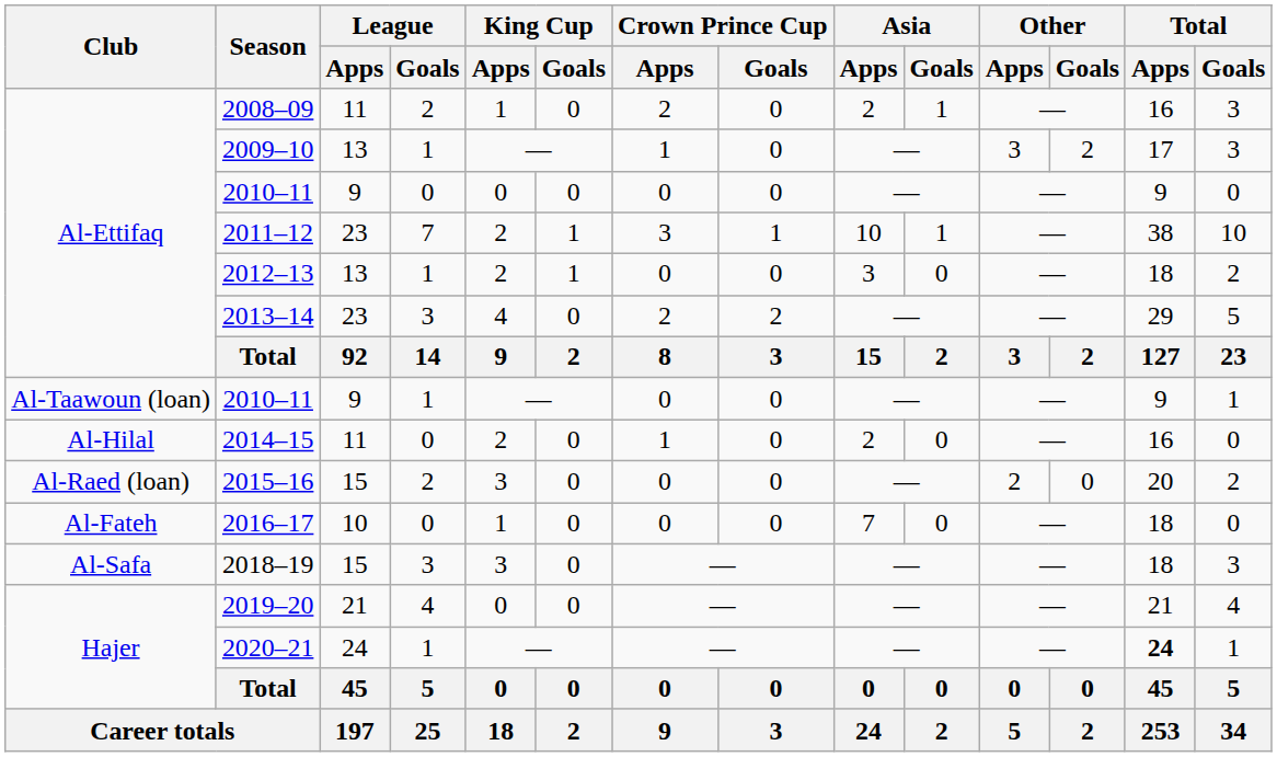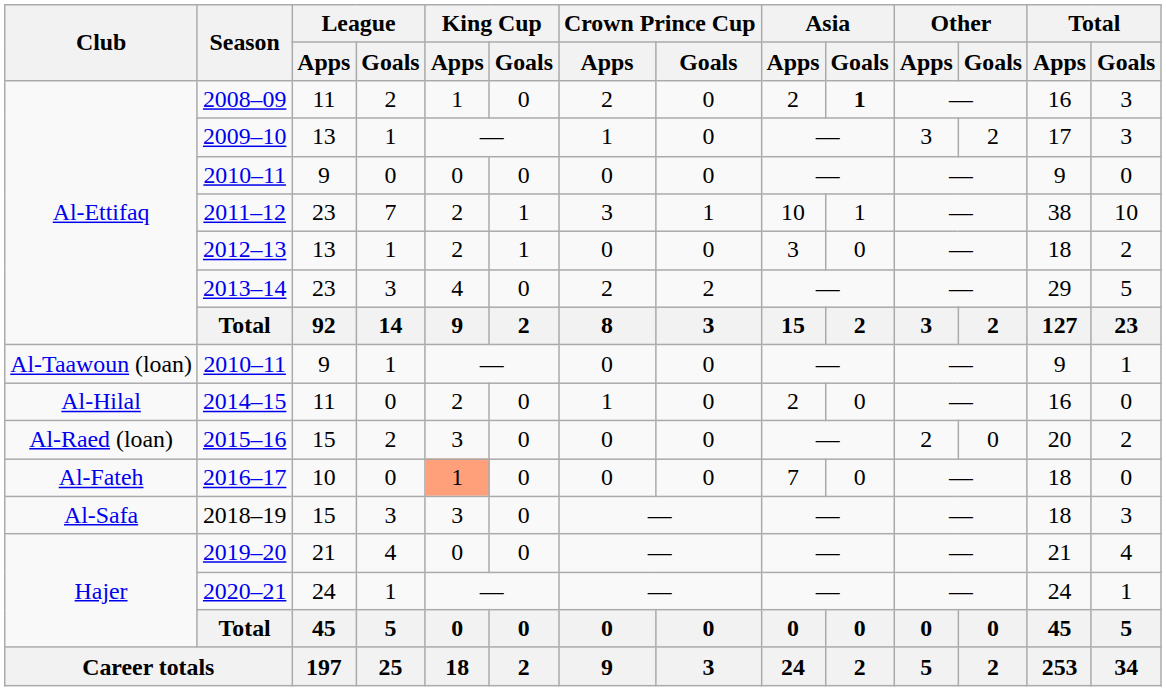 <table class="wikitable" style="text-align: center">
 <tr>
 <th rowspan=2>Club</th>
 <th rowspan=2>Season</th>
 <th colspan=2>League</th>
 <th colspan=2>King Cup</th>
 <th colspan=2>Crown Prince Cup</th>
 <th colspan=2>Asia</th>
 <th colspan=2>Other</th>
 <th colspan=2>Total</th>
 </tr>
 <tr>
 <th>Apps</th>
 <th>Goals</th>
 <th>Apps</th>
 <th>Goals</th>
 <th>Apps</th>
 <th>Goals</th>
 <th>Apps</th>
 <th>Goals</th>
 <th>Apps</th>
 <th>Goals</th>
 <th>Apps</th>
 <th>Goals</th>
 </tr>
 <tr>
 <td rowspan=7><a href='#'>Al-Ettifaq</a></td>
 <td><a href='#'>2008–09</a></td>
 <td>11</td>
 <td>2</td>
 <td>1</td>
 <td>0</td>
 <td>2</td>
 <td>0</td>
 <td>2</td>
-<td>1</td>
+<td><strong>1</strong></td>
 <td colspan=2>—</td>
 <td>16</td>
 <td>3</td>
 </tr>
 <tr>
 <td><a href='#'>2009–10</a></td>
 <td>13</td>
 <td>1</td>
 <td colspan=2>—</td>
 <td>1</td>
 <td>0</td>
 <td colspan=2>—</td>
 <td>3</td>
 <td>2</td>
 <td>17</td>
 <td>3</td>
 </tr>
 <tr>
 <td><a href='#'>2010–11</a></td>
 <td>9</td>
 <td>0</td>
 <td>0</td>
 <td>0</td>
 <td>0</td>
 <td>0</td>
 <td colspan=2>—</td>
 <td colspan=2>—</td>
 <td>9</td>
 <td>0</td>
 </tr>
 <tr>
 <td><a href='#'>2011–12</a></td>
 <td>23</td>
 <td>7</td>
 <td>2</td>
 <td>1</td>
 <td>3</td>
 <td>1</td>
 <td>10</td>
 <td>1</td>
 <td colspan=2>—</td>
 <td>38</td>
 <td>10</td>
 </tr>
 <tr>
 <td><a href='#'>2012–13</a></td>
 <td>13</td>
 <td>1</td>
 <td>2</td>
 <td>1</td>
 <td>0</td>
 <td>0</td>
 <td>3</td>
 <td>0</td>
 <td colspan=2>—</td>
 <td>18</td>
 <td>2</td>
 </tr>
 <tr>
 <td><a href='#'>2013–14</a></td>
 <td>23</td>
 <td>3</td>
 <td>4</td>
 <td>0</td>
 <td>2</td>
 <td>2</td>
 <td colspan=2>—</td>
 <td colspan=2>—</td>
 <td>29</td>
 <td>5</td>
 </tr>
 <tr>
 <th>Total</th>
 <th>92</th>
 <th>14</th>
 <th>9</th>
 <th>2</th>
 <th>8</th>
 <th>3</th>
 <th>15</th>
 <th>2</th>
 <th>3</th>
 <th>2</th>
 <th>127</th>
 <th>23</th>
 </tr>
 <tr>
 <td><a href='#'>Al-Taawoun</a> (loan)</td>
 <td><a href='#'>2010–11</a></td>
 <td>9</td>
 <td>1</td>
 <td colspan=2>—</td>
 <td>0</td>
 <td>0</td>
 <td colspan=2>—</td>
 <td colspan=2>—</td>
 <td>9</td>
 <td>1</td>
 </tr>
 <tr>
 <td><a href='#'>Al-Hilal</a></td>
 <td><a href='#'>2014–15</a></td>
 <td>11</td>
 <td>0</td>
 <td>2</td>
 <td>0</td>
 <td>1</td>
 <td>0</td>
 <td>2</td>
 <td>0</td>
 <td colspan=2>—</td>
 <td>16</td>
 <td>0</td>
 </tr>
 <tr>
 <td><a href='#'>Al-Raed</a> (loan)</td>
 <td><a href='#'>2015–16</a></td>
 <td>15</td>
 <td>2</td>
 <td>3</td>
 <td>0</td>
 <td>0</td>
 <td>0</td>
 <td colspan=2>—</td>
 <td>2</td>
 <td>0</td>
 <td>20</td>
 <td>2</td>
 </tr>
 <tr>
 <td><a href='#'>Al-Fateh</a></td>
 <td><a href='#'>2016–17</a></td>
 <td>10</td>
 <td>0</td>
-<td>1</td>
+<td style="background: lightsalmon;">1</td>
 <td>0</td>
 <td>0</td>
 <td>0</td>
 <td>7</td>
 <td>0</td>
 <td colspan=2>—</td>
 <td>18</td>
 <td>0</td>
 </tr>
 <tr>
 <td><a href='#'>Al-Safa</a></td>
 <td>2018–19</td>
 <td>15</td>
 <td>3</td>
 <td>3</td>
 <td>0</td>
 <td colspan=2>—</td>
 <td colspan=2>—</td>
 <td colspan=2>—</td>
 <td>18</td>
 <td>3</td>
 </tr>
 <tr>
 <td rowspan=3><a href='#'>Hajer</a></td>
 <td><a href='#'>2019–20</a></td>
 <td>21</td>
 <td>4</td>
 <td>0</td>
 <td>0</td>
 <td colspan=2>—</td>
 <td colspan=2>—</td>
 <td colspan=2>—</td>
 <td>21</td>
 <td>4</td>
 </tr>
 <tr>
 <td><a href='#'>2020–21</a></td>
 <td>24</td>
 <td>1</td>
 <td colspan=2>—</td>
 <td colspan=2>—</td>
 <td colspan=2>—</td>
 <td colspan=2>—</td>
-<td><strong>24</strong></td>
+<td>24</td>
 <td>1</td>
 </tr>
 <tr>
 <th>Total</th>
 <th>45</th>
 <th>5</th>
 <th>0</th>
 <th>0</th>
 <th>0</th>
 <th>0</th>
 <th>0</th>
 <th>0</th>
 <th>0</th>
 <th>0</th>
 <th>45</th>
 <th>5</th>
 </tr>
 <tr>
 <th colspan=2>Career totals</th>
 <th>197</th>
 <th>25</th>
 <th>18</th>
 <th>2</th>
 <th>9</th>
 <th>3</th>
 <th>24</th>
 <th>2</th>
 <th>5</th>
 <th>2</th>
 <th>253</th>
 <th>34</th>
 </tr>
 </table>
